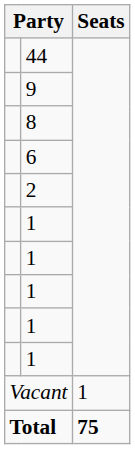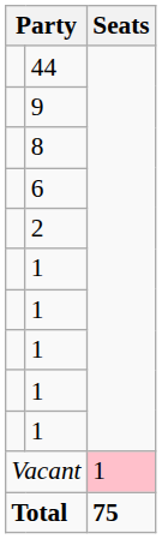 <table class="wikitable">
 <tr>
 <th colspan=2>Party</th>
 <th>Seats</th>
 </tr>
 <tr>
 <td></td>
 <td>44</td>
 </tr>
 <tr>
 <td></td>
 <td>9</td>
 </tr>
 <tr>
 <td></td>
 <td>8</td>
 </tr>
 <tr>
 <td></td>
 <td>6</td>
 </tr>
 <tr>
 <td></td>
 <td>2</td>
 </tr>
 <tr>
 <td></td>
 <td>1</td>
 </tr>
 <tr>
 <td></td>
 <td>1</td>
 </tr>
 <tr>
 <td></td>
 <td>1</td>
 </tr>
 <tr>
 <td></td>
 <td>1</td>
 </tr>
 <tr>
 <td></td>
 <td>1</td>
 </tr>
 <tr>
 <td colspan="2"><em>Vacant</em></td>
-<td>1</td>
+<td style="background: pink;">1</td>
 </tr>
 <tr>
 <td colspan="2"><strong>Total</strong></td>
 <td><strong>75</strong></td>
 </tr>
 </table>
